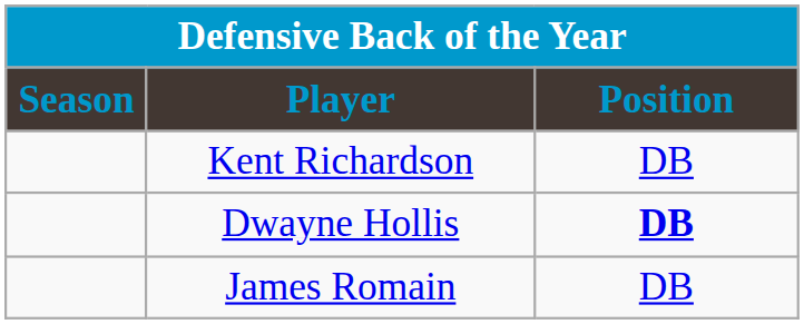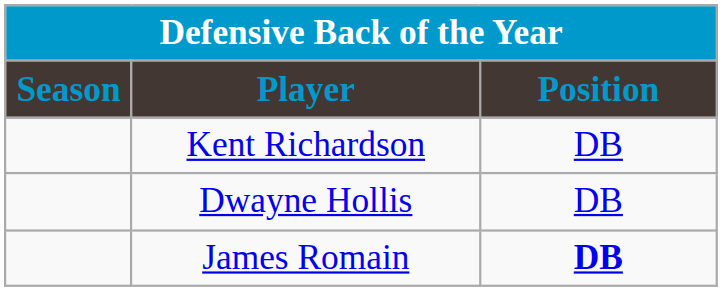 <table class="wikitable sortable" style="text-align:center">
 <tr>
 <td colspan="4" style="background:#09C; color:#fff;"><strong>Defensive Back of the Year</strong></td>
 </tr>
 <tr>
 <th style="width:50px; background:#423732; color:#09C;">Season</th>
 <th style="width:150px; background:#423732; color:#09C;">Player</th>
 <th style="width:100px; background:#423732; color:#09C;">Position</th>
 </tr>
 <tr>
 <td></td>
 <td><a href='#'>Kent Richardson</a></td>
 <td><a href='#'>DB</a></td>
 </tr>
 <tr>
 <td></td>
 <td><a href='#'>Dwayne Hollis</a></td>
-<td><strong><a href='#'>DB</a></strong></td>
+<td><a href='#'>DB</a></td>
 </tr>
 <tr>
 <td></td>
 <td><a href='#'>James Romain</a></td>
-<td><a href='#'>DB</a></td>
+<td><strong><a href='#'>DB</a></strong></td>
 </tr>
 </table>
